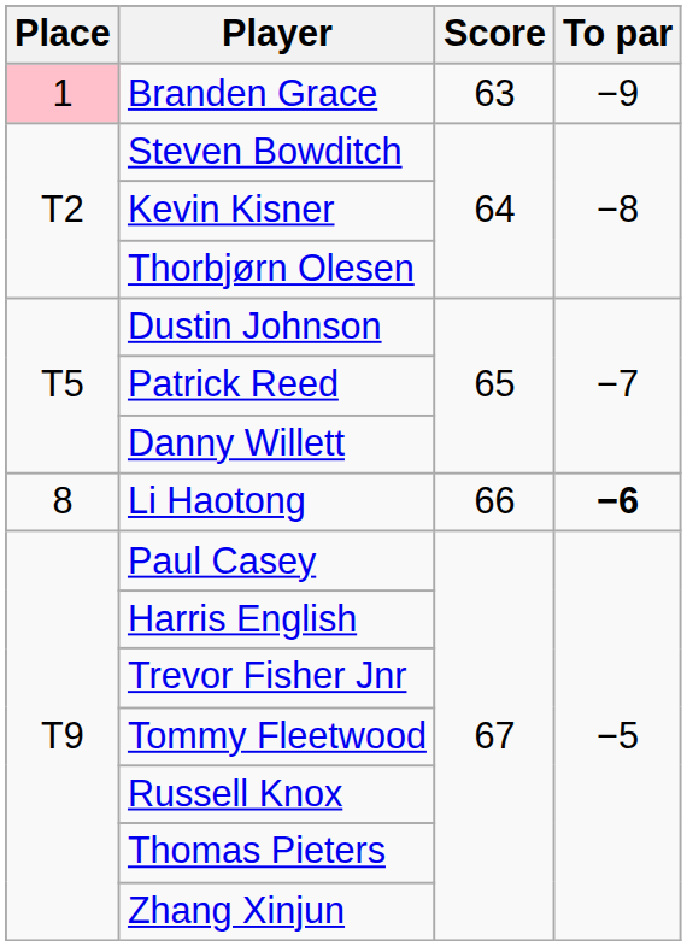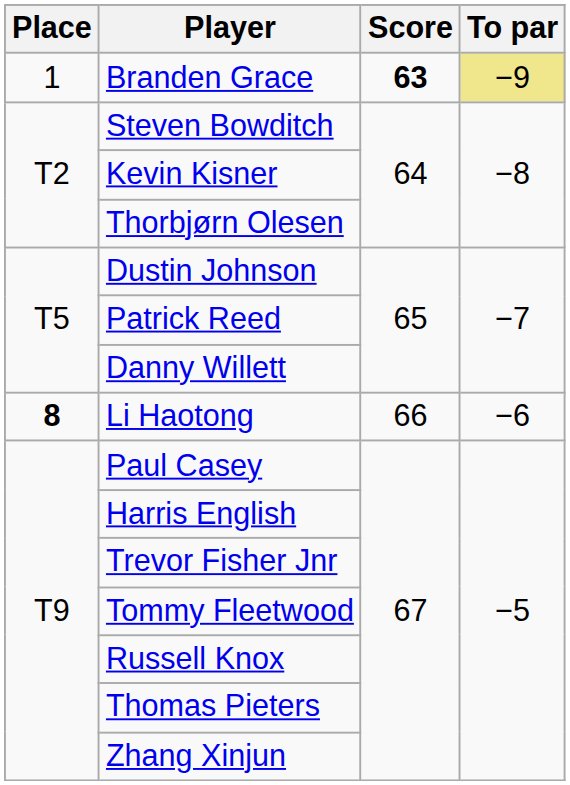 <table class="wikitable">
 <tr>
 <th>Place</th>
 <th>Player</th>
 <th>Score</th>
 <th>To par</th>
 </tr>
 <tr>
-<td align=center style="background: pink;">1</td>
+<td align=center>1</td>
 <td> <a href='#'>Branden Grace</a></td>
-<td align=center>63</td>
-<td align=center>−9</td>
+<td align=center><strong>63</strong></td>
+<td align=center style="background: khaki;">−9</td>
 </tr>
 <tr>
 <td rowspan=3 align=center>T2</td>
 <td> <a href='#'>Steven Bowditch</a></td>
 <td rowspan=3 align=center>64</td>
 <td rowspan=3 align=center>−8</td>
 </tr>
 <tr>
 <td> <a href='#'>Kevin Kisner</a></td>
 </tr>
 <tr>
 <td> <a href='#'>Thorbjørn Olesen</a></td>
 </tr>
 <tr>
 <td rowspan=3 align=center>T5</td>
 <td> <a href='#'>Dustin Johnson</a></td>
 <td rowspan=3 align=center>65</td>
 <td rowspan=3 align=center>−7</td>
 </tr>
 <tr>
 <td> <a href='#'>Patrick Reed</a></td>
 </tr>
 <tr>
 <td> <a href='#'>Danny Willett</a></td>
 </tr>
 <tr>
-<td align=center>8</td>
+<td align=center><strong>8</strong></td>
 <td> <a href='#'>Li Haotong</a></td>
 <td align=center>66</td>
-<td align=center><strong>−6</strong></td>
+<td align=center>−6</td>
 </tr>
 <tr>
 <td rowspan=7 align=center>T9</td>
 <td> <a href='#'>Paul Casey</a></td>
 <td rowspan=7 align=center>67</td>
 <td rowspan=7 align=center>−5</td>
 </tr>
 <tr>
 <td> <a href='#'>Harris English</a></td>
 </tr>
 <tr>
 <td> <a href='#'>Trevor Fisher Jnr</a></td>
 </tr>
 <tr>
 <td> <a href='#'>Tommy Fleetwood</a></td>
 </tr>
 <tr>
 <td> <a href='#'>Russell Knox</a></td>
 </tr>
 <tr>
 <td> <a href='#'>Thomas Pieters</a></td>
 </tr>
 <tr>
 <td> <a href='#'>Zhang Xinjun</a></td>
 </tr>
 </table>
